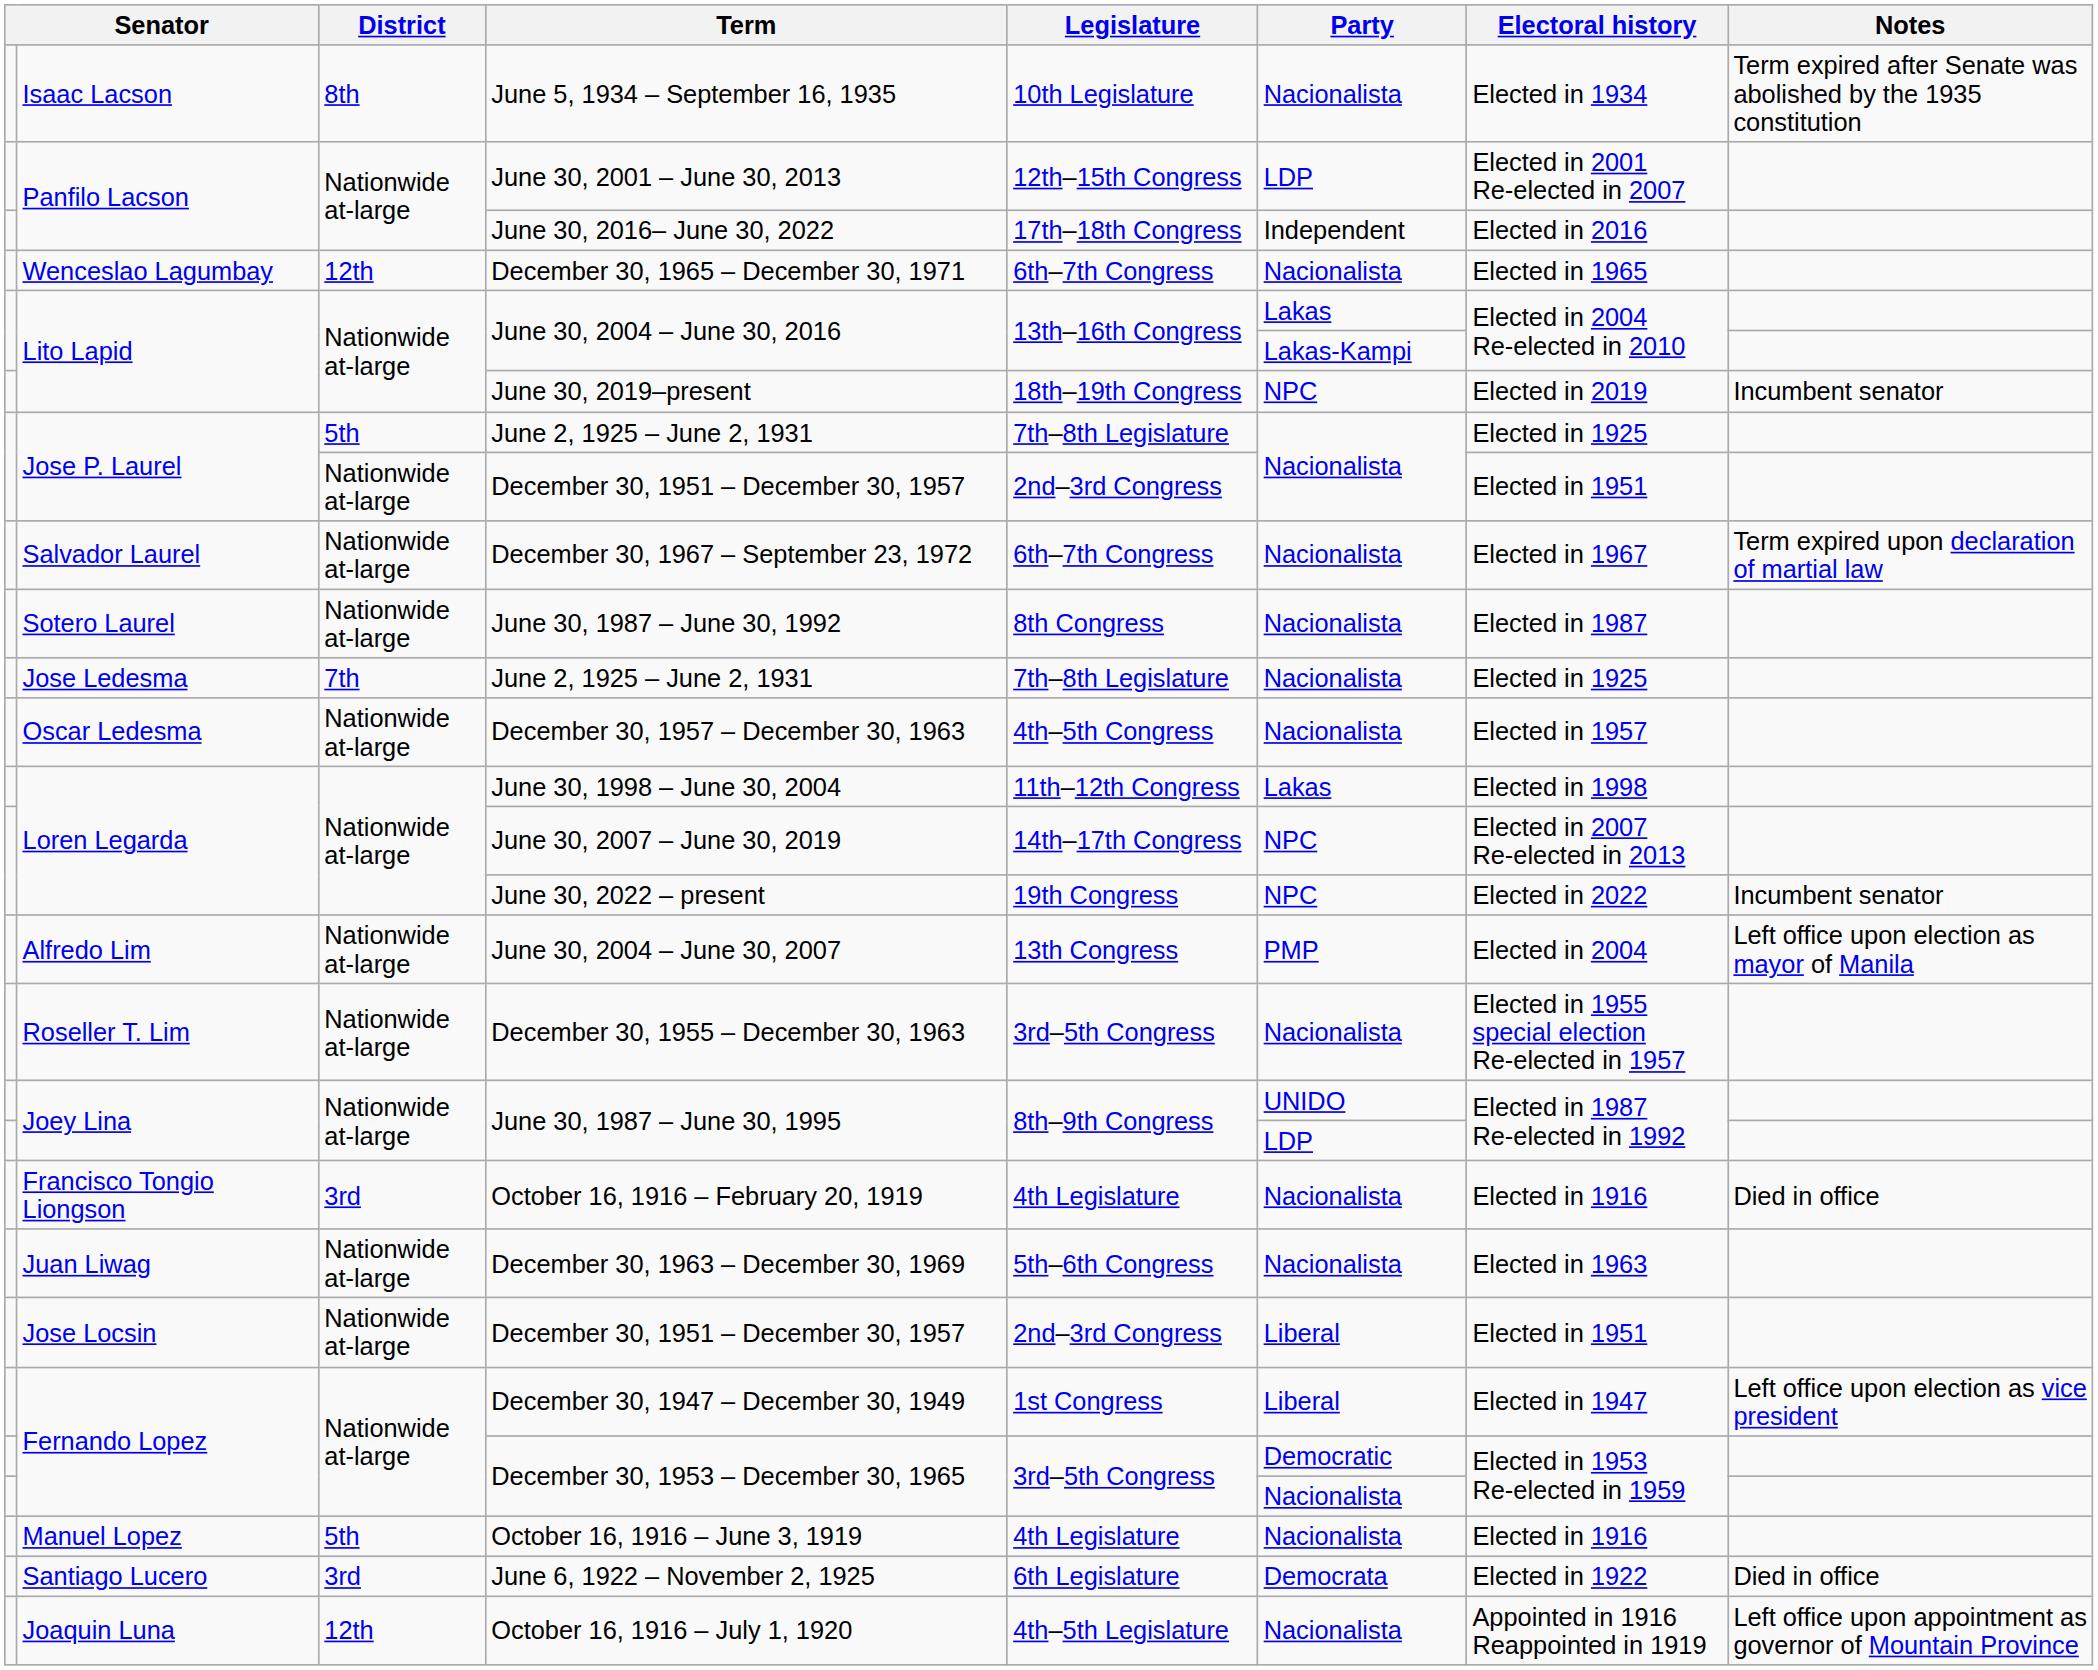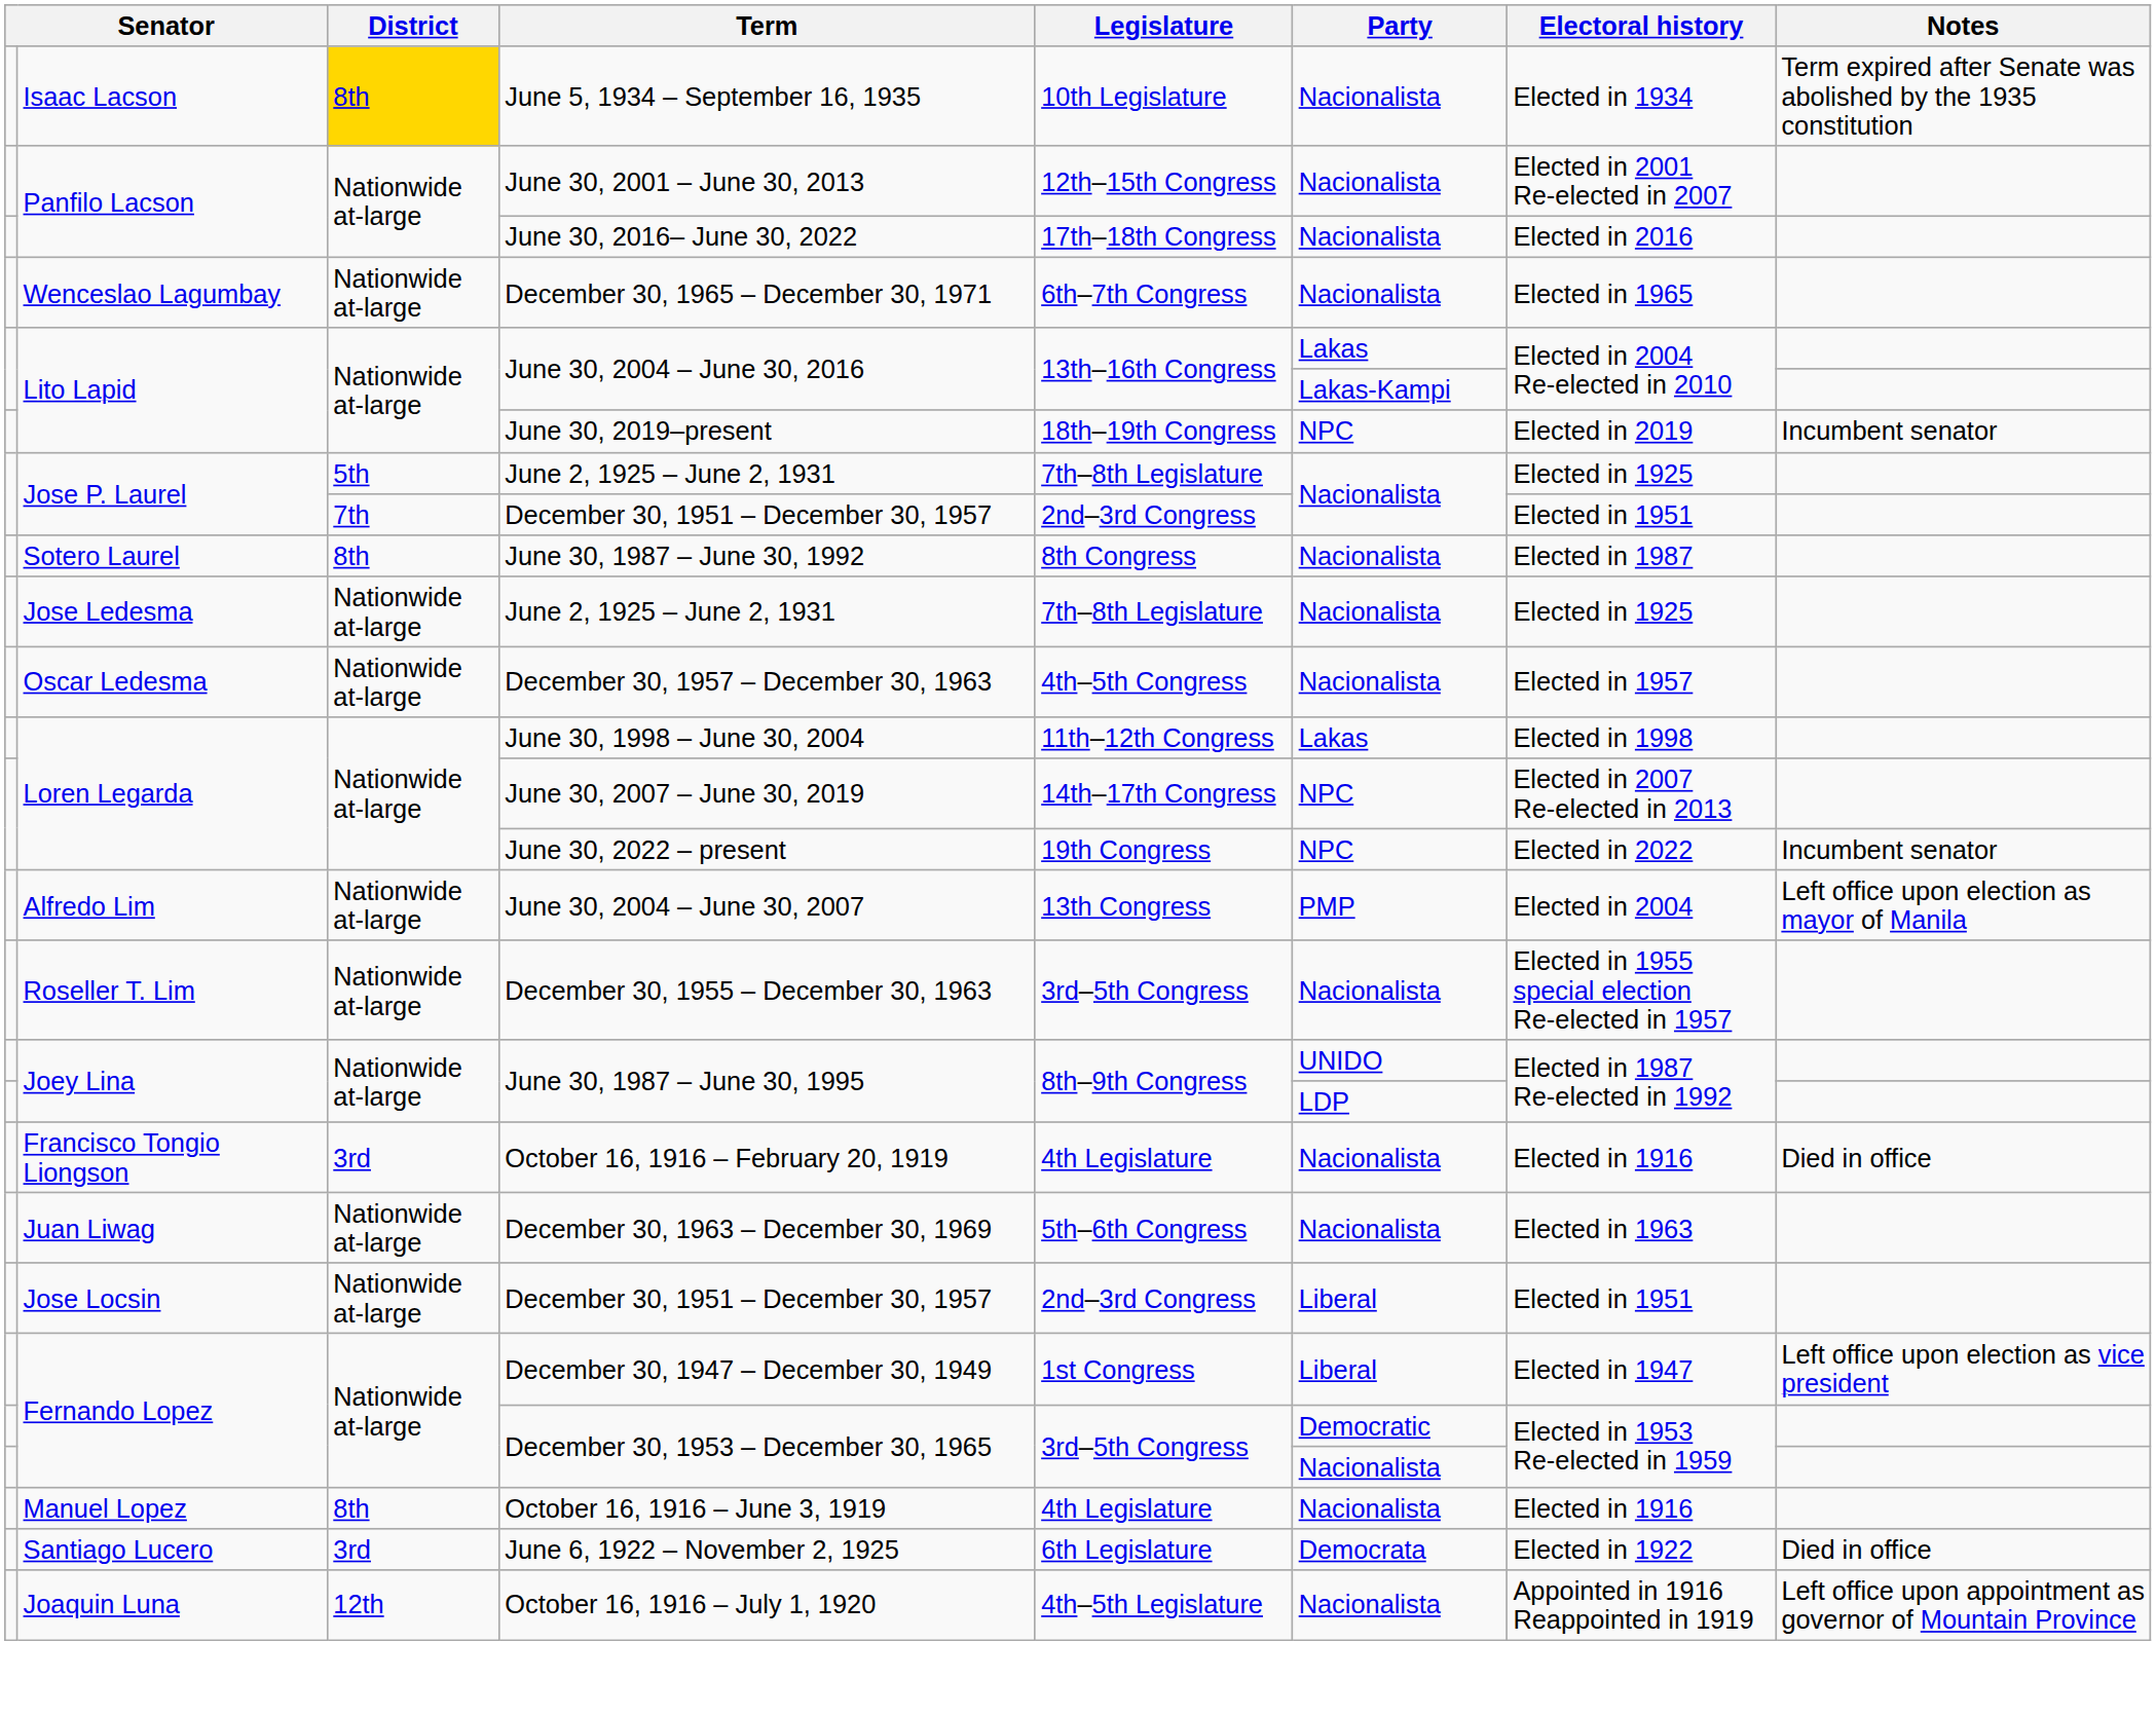 <table class="wikitable" style="font-size:95%" width=99%>
 <tr>
 <th colspan="2" width="15%">Senator</th>
 <th width="8%"><a href='#'>District</a></th>
 <th width="25%">Term</th>
 <th width="12%"><a href='#'>Legislature</a></th>
 <th width="10%"><a href='#'>Party</a></th>
 <th width="12.5%"><a href='#'>Electoral history</a></th>
 <th width="17.5%">Notes</th>
 </tr>
 <tr>
 <td style="background-color:"></td>
 <td><a href='#'>Isaac Lacson</a></td>
-<td><a href='#'>8th</a></td>
+<td style="background: gold;"><a href='#'>8th</a></td>
 <td>June 5, 1934 – September 16, 1935</td>
 <td><a href='#'>10th Legislature</a></td>
 <td><a href='#'>Nacionalista</a></td>
 <td>Elected in <a href='#'>1934</a></td>
 <td>Term expired after Senate was abolished by the 1935 constitution</td>
 </tr>
 <tr>
 <td style="background-color:"></td>
 <td rowspan="2"><a href='#'>Panfilo Lacson</a></td>
 <td rowspan="2">Nationwide at-large</td>
 <td>June 30, 2001 – June 30, 2013</td>
 <td><a href='#'>12th</a>–<a href='#'>15th Congress</a></td>
-<td><a href='#'>LDP</a></td>
+<td><a href='#'>Nacionalista</a></td>
 <td>Elected in <a href='#'>2001</a><br>Re-elected in <a href='#'>2007</a></td>
 <td></td>
 </tr>
 <tr>
 <td style="background-color:"></td>
 <td>June 30, 2016– June 30, 2022</td>
 <td><a href='#'>17th</a>–<a href='#'>18th Congress</a></td>
-<td>Independent</td>
+<td><a href='#'>Nacionalista</a></td>
 <td>Elected in <a href='#'>2016</a></td>
 <td></td>
 </tr>
 <tr>
 <td style="background-color:"></td>
 <td><a href='#'>Wenceslao Lagumbay</a></td>
-<td><a href='#'>12th</a></td>
+<td>Nationwide at-large</td>
 <td>December 30, 1965 – December 30, 1971</td>
 <td><a href='#'>6th</a>–<a href='#'>7th Congress</a></td>
 <td><a href='#'>Nacionalista</a></td>
 <td>Elected in <a href='#'>1965</a></td>
 <td></td>
 </tr>
 <tr>
 <td rowspan="2" style="background-color:"></td>
 <td rowspan="3"><a href='#'>Lito Lapid</a></td>
 <td rowspan="3">Nationwide at-large</td>
 <td rowspan="2">June 30, 2004 – June 30, 2016</td>
 <td rowspan="2"><a href='#'>13th</a>–<a href='#'>16th Congress</a></td>
 <td><a href='#'>Lakas</a></td>
 <td rowspan="2">Elected in <a href='#'>2004</a><br>Re-elected in <a href='#'>2010</a></td>
 <td></td>
 </tr>
 <tr>
 <td><a href='#'>Lakas-Kampi</a></td>
 <td></td>
 </tr>
 <tr>
 <td style="background-color:"></td>
 <td>June 30, 2019–present</td>
 <td><a href='#'>18th</a>–<a href='#'>19th Congress</a></td>
 <td><a href='#'>NPC</a></td>
 <td>Elected in <a href='#'>2019</a></td>
 <td>Incumbent senator</td>
 </tr>
 <tr>
 <td rowspan="2" style="background-color:"></td>
 <td rowspan="2"><a href='#'>Jose P. Laurel</a></td>
 <td><a href='#'>5th</a></td>
 <td>June 2, 1925 – June 2, 1931</td>
 <td><a href='#'>7th</a>–<a href='#'>8th Legislature</a></td>
 <td rowspan="2"><a href='#'>Nacionalista</a></td>
 <td>Elected in <a href='#'>1925</a></td>
 <td></td>
 </tr>
 <tr>
-<td>Nationwide at-large</td>
+<td><a href='#'>7th</a></td>
 <td>December 30, 1951 – December 30, 1957</td>
 <td><a href='#'>2nd</a>–<a href='#'>3rd Congress</a></td>
 <td>Elected in <a href='#'>1951</a></td>
 <td></td>
 </tr>
 <tr>
 <td style="background-color:"></td>
-<td><a href='#'>Salvador Laurel</a></td>
-<td>Nationwide at-large</td>
-<td>December 30, 1967 – September 23, 1972</td>
-<td><a href='#'>6th</a>–<a href='#'>7th Congress</a></td>
-<td><a href='#'>Nacionalista</a></td>
-<td>Elected in <a href='#'>1967</a></td>
-<td>Term expired upon <a href='#'>declaration of martial law</a></td>
-</tr>
-<tr>
-<td style="background-color:"></td>
 <td><a href='#'>Sotero Laurel</a></td>
-<td>Nationwide at-large</td>
+<td><a href='#'>8th</a></td>
 <td>June 30, 1987 – June 30, 1992</td>
 <td><a href='#'>8th Congress</a></td>
 <td><a href='#'>Nacionalista</a></td>
 <td>Elected in <a href='#'>1987</a></td>
 <td></td>
 </tr>
 <tr>
 <td style="background-color:"></td>
 <td><a href='#'>Jose Ledesma</a></td>
-<td><a href='#'>7th</a></td>
+<td>Nationwide at-large</td>
 <td>June 2, 1925 – June 2, 1931</td>
 <td><a href='#'>7th</a>–<a href='#'>8th Legislature</a></td>
 <td><a href='#'>Nacionalista</a></td>
 <td>Elected in <a href='#'>1925</a></td>
 <td></td>
 </tr>
 <tr>
 <td style="background-color:"></td>
 <td><a href='#'>Oscar Ledesma</a></td>
 <td>Nationwide at-large</td>
 <td>December 30, 1957 – December 30, 1963</td>
 <td><a href='#'>4th</a>–<a href='#'>5th Congress</a></td>
 <td><a href='#'>Nacionalista</a></td>
 <td>Elected in <a href='#'>1957</a></td>
 <td></td>
 </tr>
 <tr>
 <td style="background-color:"></td>
 <td rowspan="3"><a href='#'>Loren Legarda</a></td>
 <td rowspan="3">Nationwide at-large</td>
 <td>June 30, 1998 – June 30, 2004</td>
 <td><a href='#'>11th</a>–<a href='#'>12th Congress</a></td>
 <td><a href='#'>Lakas</a></td>
 <td>Elected in <a href='#'>1998</a></td>
 <td></td>
 </tr>
 <tr>
 <td rowspan="2" style="background-color:"></td>
 <td>June 30, 2007 – June 30, 2019</td>
 <td><a href='#'>14th</a>–<a href='#'>17th Congress</a></td>
 <td><a href='#'>NPC</a></td>
 <td>Elected in <a href='#'>2007</a><br>Re-elected in <a href='#'>2013</a></td>
 <td></td>
 </tr>
 <tr>
 <td>June 30, 2022 – present</td>
 <td><a href='#'>19th Congress</a></td>
 <td><a href='#'>NPC</a></td>
 <td>Elected in <a href='#'>2022</a></td>
 <td>Incumbent senator</td>
 </tr>
 <tr>
 <td style="background-color:"></td>
 <td><a href='#'>Alfredo Lim</a></td>
 <td>Nationwide at-large</td>
 <td>June 30, 2004 – June 30, 2007</td>
 <td><a href='#'>13th Congress</a></td>
 <td><a href='#'>PMP</a></td>
 <td>Elected in <a href='#'>2004</a></td>
 <td>Left office upon election as <a href='#'>mayor</a> of <a href='#'>Manila</a></td>
 </tr>
 <tr>
 <td style="background-color:"></td>
 <td><a href='#'>Roseller T. Lim</a></td>
 <td>Nationwide at-large</td>
 <td>December 30, 1955 – December 30, 1963</td>
 <td><a href='#'>3rd</a>–<a href='#'>5th Congress</a></td>
 <td><a href='#'>Nacionalista</a></td>
 <td>Elected in <a href='#'>1955 special election</a><br>Re-elected in <a href='#'>1957</a></td>
 <td></td>
 </tr>
 <tr>
 <td style="background-color:"></td>
 <td rowspan="2"><a href='#'>Joey Lina</a></td>
 <td rowspan="2">Nationwide at-large</td>
 <td rowspan="2">June 30, 1987 – June 30, 1995</td>
 <td rowspan="2"><a href='#'>8th</a>–<a href='#'>9th Congress</a></td>
 <td><a href='#'>UNIDO</a></td>
 <td rowspan="2">Elected in <a href='#'>1987</a><br>Re-elected in <a href='#'>1992</a></td>
 <td></td>
 </tr>
 <tr>
 <td style="background-color:"></td>
 <td><a href='#'>LDP</a></td>
 <td></td>
 </tr>
 <tr>
 <td style="background-color:"></td>
 <td><a href='#'>Francisco Tongio Liongson</a></td>
 <td><a href='#'>3rd</a></td>
 <td>October 16, 1916 – February 20, 1919</td>
 <td><a href='#'>4th Legislature</a></td>
 <td><a href='#'>Nacionalista</a></td>
 <td>Elected in <a href='#'>1916</a></td>
 <td>Died in office</td>
 </tr>
 <tr>
 <td style="background-color:"></td>
 <td><a href='#'>Juan Liwag</a></td>
 <td>Nationwide at-large</td>
 <td>December 30, 1963 – December 30, 1969</td>
 <td><a href='#'>5th</a>–<a href='#'>6th Congress</a></td>
 <td><a href='#'>Nacionalista</a></td>
 <td>Elected in <a href='#'>1963</a></td>
 <td></td>
 </tr>
 <tr>
 <td style="background-color:"></td>
 <td><a href='#'>Jose Locsin</a></td>
 <td>Nationwide at-large</td>
 <td>December 30, 1951 – December 30, 1957</td>
 <td><a href='#'>2nd</a>–<a href='#'>3rd Congress</a></td>
 <td><a href='#'>Liberal</a></td>
 <td>Elected in <a href='#'>1951</a></td>
 <td></td>
 </tr>
 <tr>
 <td style="background-color:"></td>
 <td rowspan="3"><a href='#'>Fernando Lopez</a></td>
 <td rowspan="3">Nationwide at-large</td>
 <td>December 30, 1947 – December 30, 1949</td>
 <td><a href='#'>1st Congress</a></td>
 <td><a href='#'>Liberal</a></td>
 <td>Elected in <a href='#'>1947</a></td>
 <td>Left office upon election as <a href='#'>vice president</a></td>
 </tr>
 <tr>
 <td style="background-color:"></td>
 <td rowspan="2">December 30, 1953 – December 30, 1965</td>
 <td rowspan="2"><a href='#'>3rd</a>–<a href='#'>5th Congress</a></td>
 <td><a href='#'>Democratic</a></td>
 <td rowspan="2">Elected in <a href='#'>1953</a><br>Re-elected in <a href='#'>1959</a></td>
 <td></td>
 </tr>
 <tr>
 <td style="background-color:"></td>
 <td><a href='#'>Nacionalista</a></td>
 <td></td>
 </tr>
 <tr>
 <td style="background-color:"></td>
 <td><a href='#'>Manuel Lopez</a></td>
-<td><a href='#'>5th</a></td>
+<td><a href='#'>8th</a></td>
 <td>October 16, 1916 – June 3, 1919</td>
 <td><a href='#'>4th Legislature</a></td>
 <td><a href='#'>Nacionalista</a></td>
 <td>Elected in <a href='#'>1916</a></td>
 <td></td>
 </tr>
 <tr>
 <td style="background-color:"></td>
 <td><a href='#'>Santiago Lucero</a></td>
 <td><a href='#'>3rd</a></td>
 <td>June 6, 1922 – November 2, 1925</td>
 <td><a href='#'>6th Legislature</a></td>
 <td><a href='#'>Democrata</a></td>
 <td>Elected in <a href='#'>1922</a></td>
 <td>Died in office</td>
 </tr>
 <tr>
 <td style="background-color:"></td>
 <td><a href='#'>Joaquin Luna</a></td>
 <td><a href='#'>12th</a></td>
 <td>October 16, 1916 – July 1, 1920</td>
 <td><a href='#'>4th</a>–<a href='#'>5th Legislature</a></td>
 <td><a href='#'>Nacionalista</a></td>
 <td>Appointed in 1916<br>Reappointed in 1919</td>
 <td>Left office upon appointment as governor of <a href='#'>Mountain Province</a></td>
 </tr>
 </table>
